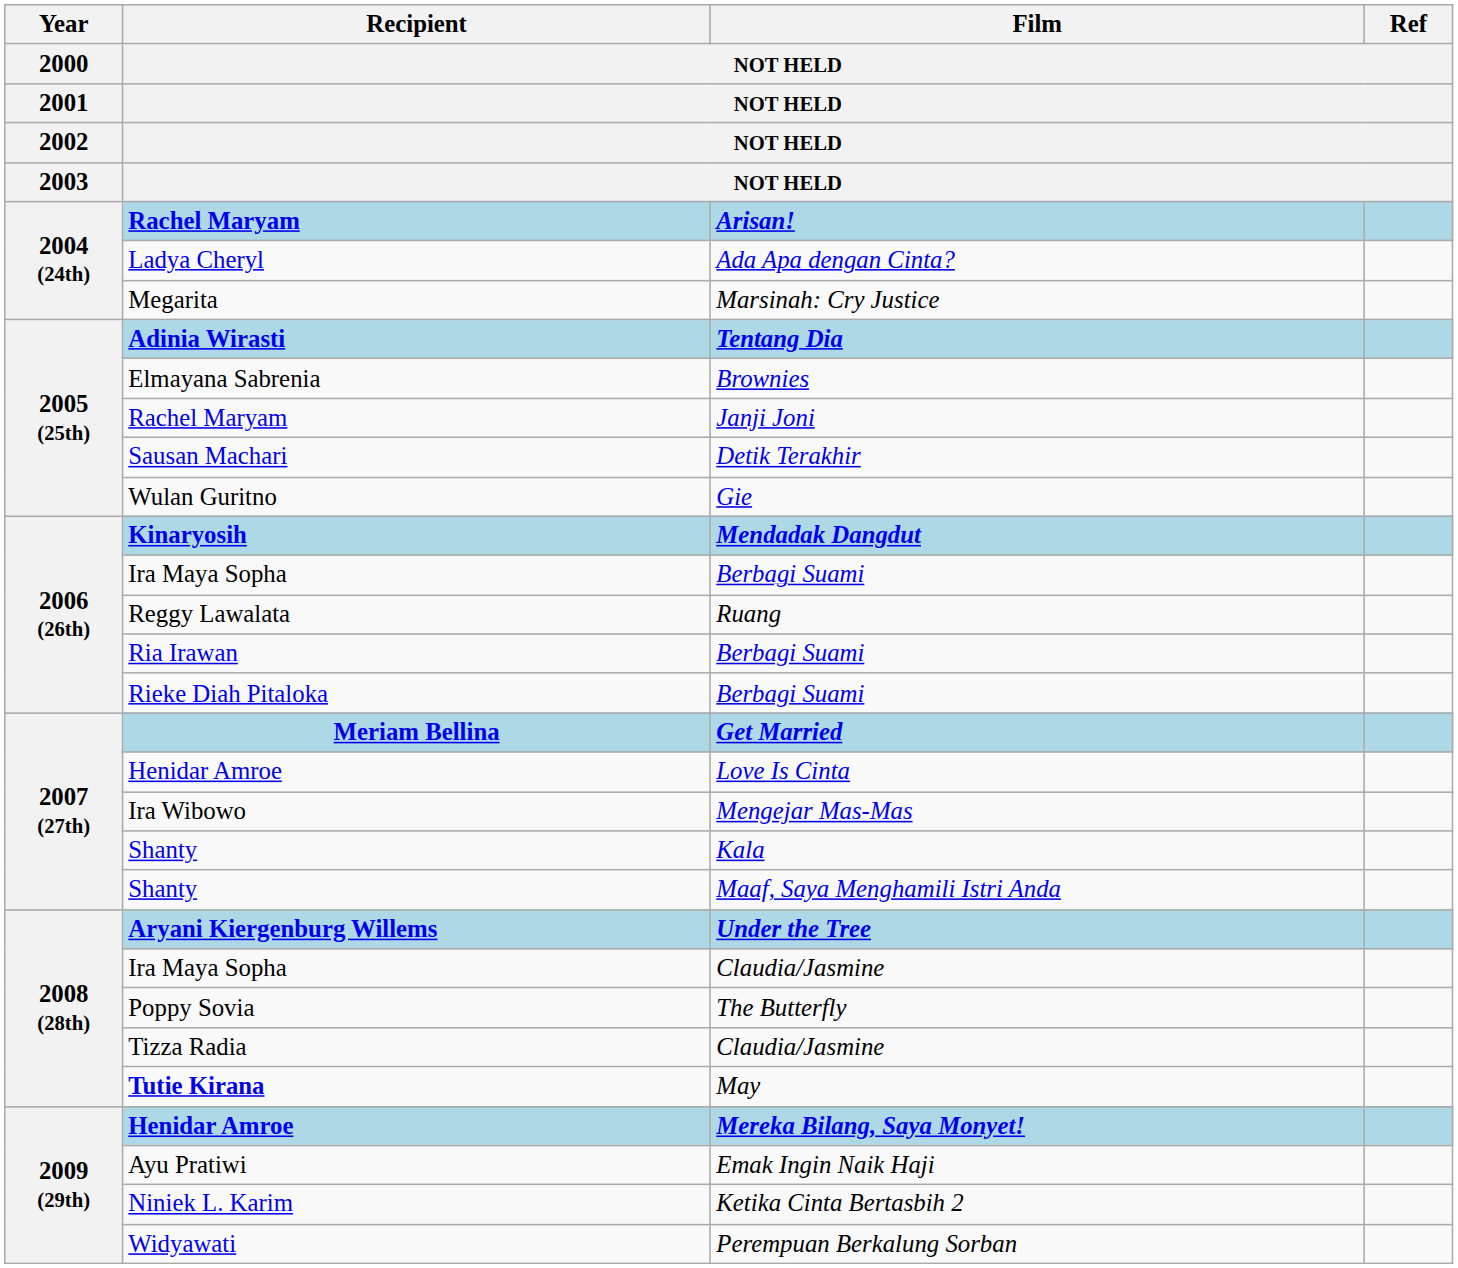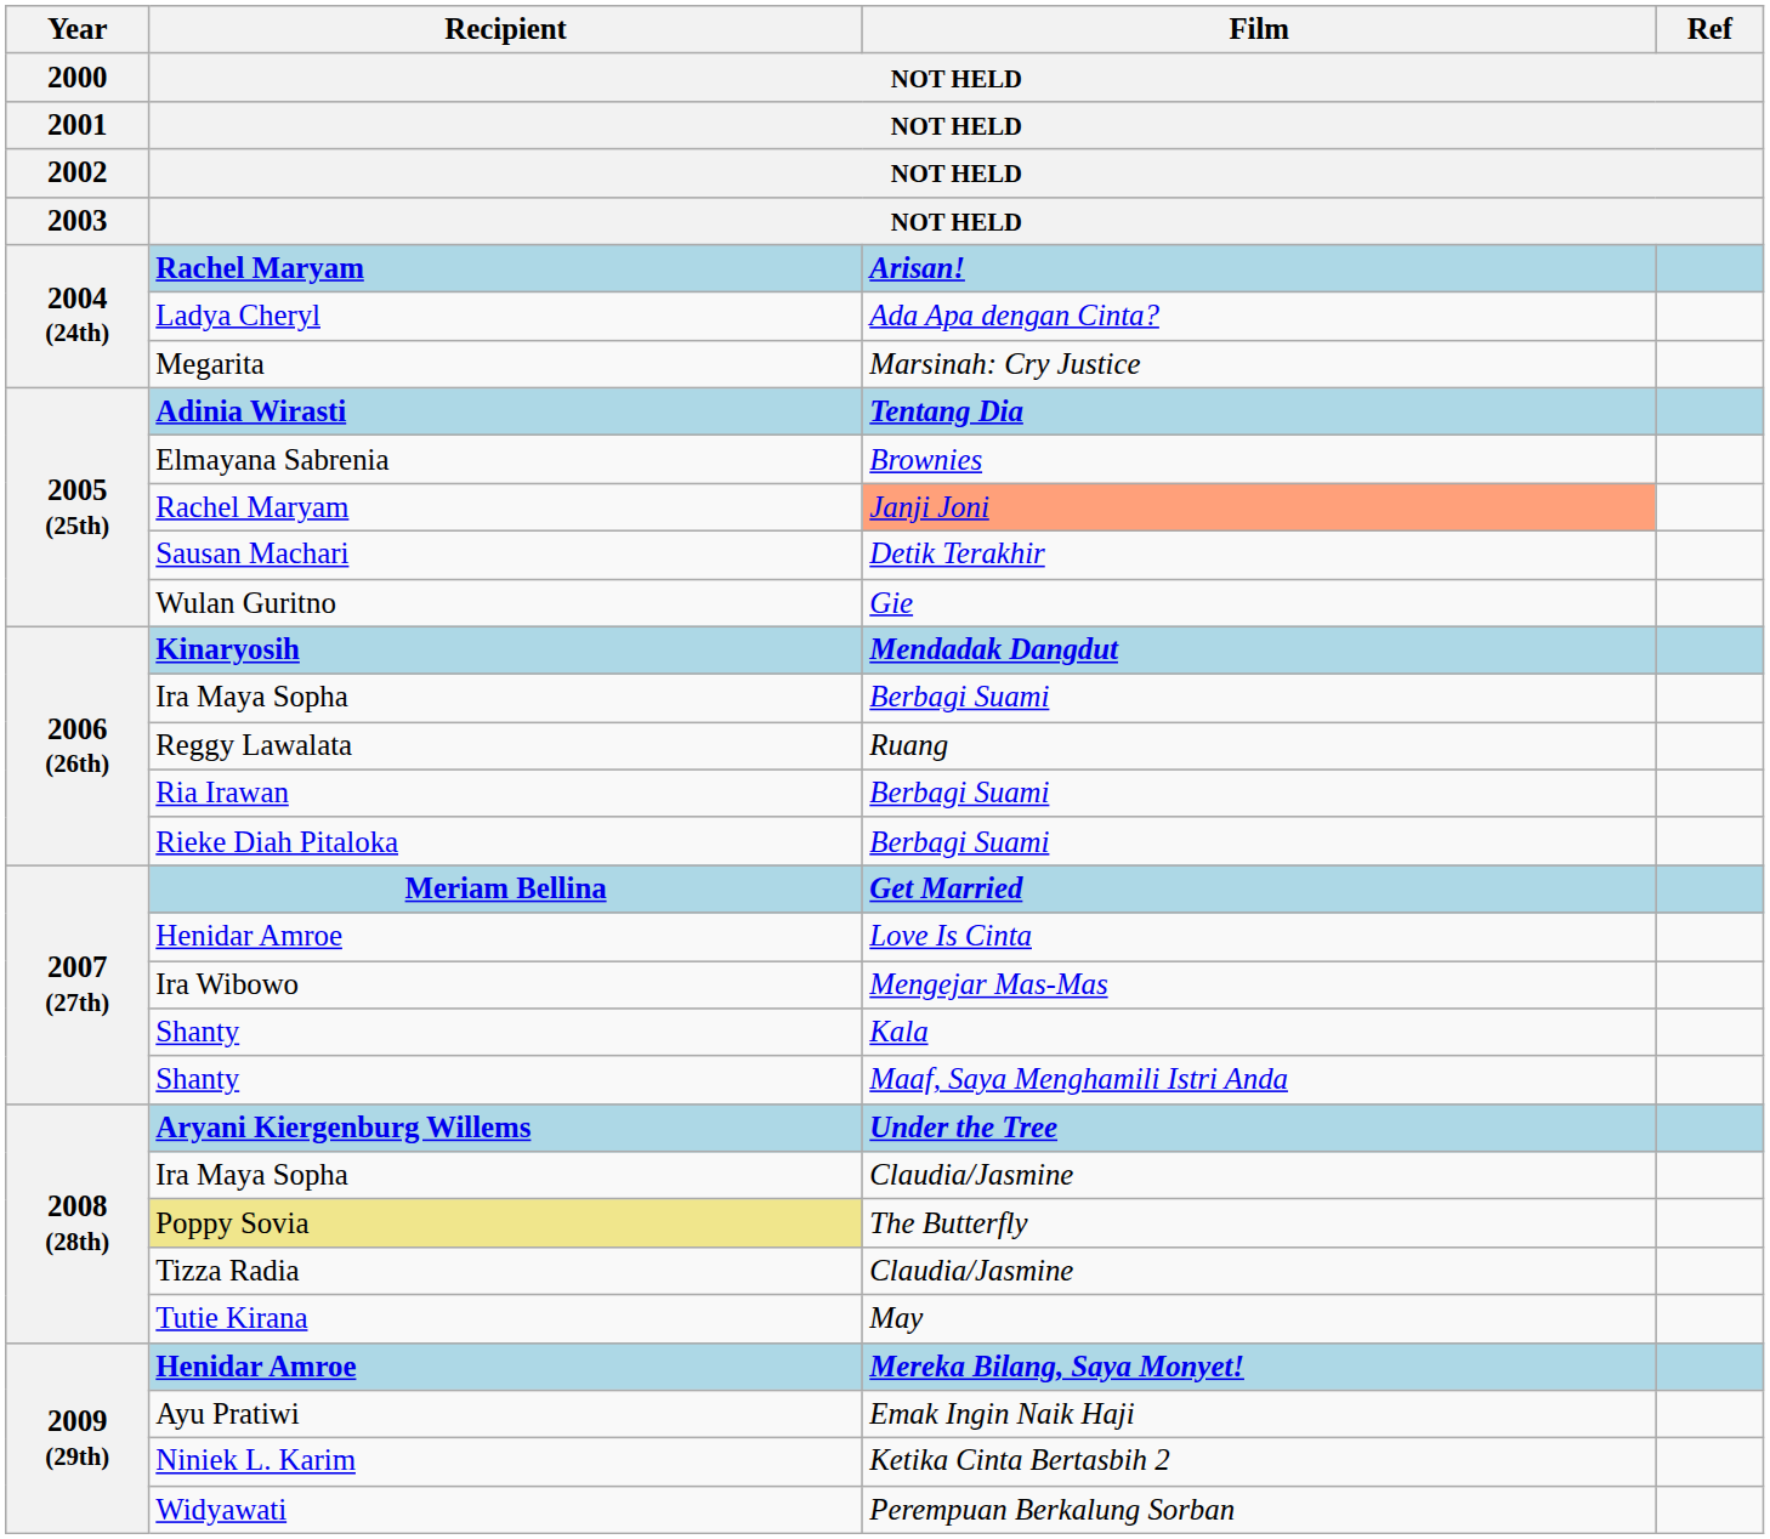 <table class="wikitable plainrowheaders sortable" style="width: 74%;">
 <tr>
 <th scope="col">Year</th>
 <th scope="col">Recipient</th>
 <th scope="col">Film</th>
 <th scope="col" class="unsortable">Ref</th>
 </tr>
 <tr>
 <th scope="row" style="text-align:center;">2000</th>
 <th colspan="3" scope="row"><small>NOT HELD</small></th>
 </tr>
 <tr>
 <th scope="row" style="text-align:center;">2001</th>
 <th colspan="3" scope="row"><small>NOT HELD</small></th>
 </tr>
 <tr>
 <th scope="row" style="text-align:center;">2002</th>
 <th colspan="3" scope="row"><small>NOT HELD</small></th>
 </tr>
 <tr>
 <th scope="row" style="text-align:center;">2003</th>
 <th colspan="3" scope="row"><small>NOT HELD</small></th>
 </tr>
 <tr>
 <th scope="row" rowspan="3" style="text-align:center;"><strong>2004</strong><br><small>(24th)</small></th>
 <td scope="row" style="background:lightblue;"><strong><a href='#'>Rachel Maryam</a></strong></td>
 <td style="background:lightblue;"><strong><em><a href='#'>Arisan!</a></em></strong></td>
 <td style="background:lightblue;"></td>
 </tr>
 <tr>
 <td scope="row"><a href='#'>Ladya Cheryl</a></td>
 <td><em><a href='#'>Ada Apa dengan Cinta?</a></em></td>
 <td></td>
 </tr>
 <tr>
 <td scope="row">Megarita</td>
 <td><em>Marsinah: Cry Justice</em></td>
 <td></td>
 </tr>
 <tr>
 <th scope="row" rowspan="5" style="text-align:center;"><strong>2005</strong><br><small>(25th)</small></th>
 <td scope="row" style="background:lightblue;"><strong><a href='#'>Adinia Wirasti</a></strong></td>
 <td style="background:lightblue;"><strong><em><a href='#'>Tentang Dia</a></em></strong></td>
 <td style="background:lightblue;"></td>
 </tr>
 <tr>
 <td scope="row">Elmayana Sabrenia</td>
 <td><em><a href='#'>Brownies</a></em></td>
 <td></td>
 </tr>
 <tr>
 <td scope="row"><a href='#'>Rachel Maryam</a></td>
-<td><em><a href='#'>Janji Joni</a></em></td>
+<td style="background: lightsalmon;"><em><a href='#'>Janji Joni</a></em></td>
 <td></td>
 </tr>
 <tr>
 <td scope="row"><a href='#'>Sausan Machari</a></td>
 <td><em><a href='#'>Detik Terakhir</a></em></td>
 <td></td>
 </tr>
 <tr>
 <td scope="row">Wulan Guritno</td>
 <td><em><a href='#'>Gie</a></em></td>
 <td></td>
 </tr>
 <tr>
 <th scope="row" rowspan="5" style="text-align:center;"><strong>2006</strong><br><small>(26th)</small></th>
 <td scope="row" style="background:lightblue;"><strong><a href='#'>Kinaryosih</a></strong></td>
 <td style="background:lightblue;"><strong><em><a href='#'>Mendadak Dangdut</a></em></strong></td>
 <td style="background:lightblue;"></td>
 </tr>
 <tr>
 <td scope="row">Ira Maya Sopha</td>
 <td><em><a href='#'>Berbagi Suami</a></em></td>
 <td></td>
 </tr>
 <tr>
 <td scope="row">Reggy Lawalata</td>
 <td><em>Ruang</em></td>
 <td></td>
 </tr>
 <tr>
 <td scope="row"><a href='#'>Ria Irawan</a></td>
 <td><em><a href='#'>Berbagi Suami</a></em></td>
 <td></td>
 </tr>
 <tr>
 <td scope="row"><a href='#'>Rieke Diah Pitaloka</a></td>
 <td><em><a href='#'>Berbagi Suami</a></em></td>
 <td></td>
 </tr>
 <tr>
 <th scope="row" rowspan="5" style="text-align:center;"><strong>2007</strong><br><small>(27th)</small></th>
 <th scope="row" style="background:lightblue;"><strong><a href='#'>Meriam Bellina</a></strong></th>
 <td style="background:lightblue;"><strong><em><a href='#'>Get Married</a></em></strong></td>
 <td style="background:lightblue;"></td>
 </tr>
 <tr>
 <td scope="row"><a href='#'>Henidar Amroe</a></td>
 <td><em><a href='#'>Love Is Cinta</a></em></td>
 <td></td>
 </tr>
 <tr>
 <td scope="row">Ira Wibowo</td>
 <td><em><a href='#'>Mengejar Mas-Mas</a></em></td>
 <td></td>
 </tr>
 <tr>
 <td scope="row"><a href='#'>Shanty</a></td>
 <td><em><a href='#'>Kala</a></em></td>
 <td></td>
 </tr>
 <tr>
 <td scope="row"><a href='#'>Shanty</a></td>
 <td><em><a href='#'>Maaf, Saya Menghamili Istri Anda</a></em></td>
 <td></td>
 </tr>
 <tr>
 <th scope="row" rowspan="5" style="text-align:center;"><strong>2008</strong><br><small>(28th)</small></th>
 <td scope="row" style="background:lightblue;"><strong><a href='#'>Aryani Kiergenburg Willems</a></strong></td>
 <td style="background:lightblue;"><strong><em><a href='#'>Under the Tree</a></em></strong></td>
 <td style="background:lightblue;"></td>
 </tr>
 <tr>
 <td scope="row">Ira Maya Sopha</td>
 <td><em>Claudia/Jasmine</em></td>
 <td></td>
 </tr>
 <tr>
-<td scope="row">Poppy Sovia</td>
+<td scope="row" style="background: khaki;">Poppy Sovia</td>
 <td><em>The Butterfly</em></td>
 <td></td>
 </tr>
 <tr>
 <td scope="row">Tizza Radia</td>
 <td><em>Claudia/Jasmine</em></td>
 <td></td>
 </tr>
 <tr>
-<td scope="row"><strong><a href='#'>Tutie Kirana</a></strong></td>
+<td scope="row"><a href='#'>Tutie Kirana</a></td>
 <td><em>May</em></td>
 <td></td>
 </tr>
 <tr>
 <th scope="row" rowspan="4" style="text-align:center;"><strong>2009</strong><br><small>(29th)</small></th>
 <td scope="row" style="background:lightblue;"><strong><a href='#'>Henidar Amroe</a></strong></td>
 <td style="background:lightblue;"><strong><em><a href='#'>Mereka Bilang, Saya Monyet!</a></em></strong></td>
 <td style="background:lightblue;"></td>
 </tr>
 <tr>
 <td scope="row">Ayu Pratiwi</td>
 <td><em>Emak Ingin Naik Haji</em></td>
 <td></td>
 </tr>
 <tr>
 <td scope="row"><a href='#'>Niniek L. Karim</a></td>
 <td><em>Ketika Cinta Bertasbih 2</em></td>
 <td></td>
 </tr>
 <tr>
 <td scope="row"><a href='#'>Widyawati</a></td>
 <td><em>Perempuan Berkalung Sorban</em></td>
 <td></td>
 </tr>
 </table>
